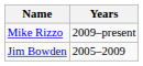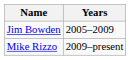 <table class="wikitable">
 <tr>
 <th>Name</th>
 <th>Years</th>
 </tr>
 <tr>
+<td><a href='#'>Jim Bowden</a></td>
+<td>2005–2009</td>
+</tr>
+<tr>
 <td><a href='#'>Mike Rizzo</a></td>
 <td>2009–present</td>
 </tr>
-<tr>
-<td><a href='#'>Jim Bowden</a></td>
-<td>2005–2009</td>
-</tr>
 </table>
